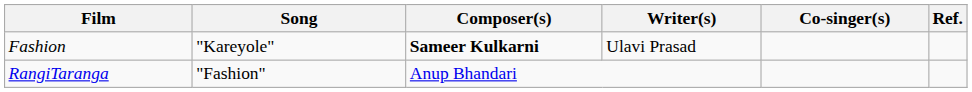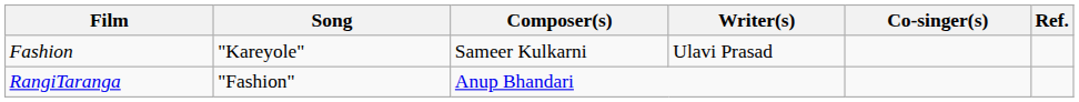 <table class="wikitable plainrowheaders" width="100%" textcolor:#000;">
 <tr>
 <th scope="col" width=20%><strong>Film</strong></th>
 <th scope="col" width=23%><strong>Song</strong></th>
 <th scope="col" width=21%><strong>Composer(s)</strong></th>
 <th scope="col" width=17%><strong>Writer(s)</strong></th>
 <th scope="col" width=18%><strong>Co-singer(s)</strong></th>
 <th scope="col" width=1%><strong>Ref.</strong></th>
 </tr>
 <tr>
 <td><em>Fashion</em></td>
 <td>"Kareyole"</td>
-<td><strong>Sameer Kulkarni</strong></td>
+<td>Sameer Kulkarni</td>
 <td>Ulavi Prasad</td>
 <td></td>
 <td></td>
 </tr>
 <tr>
 <td><em><a href='#'>RangiTaranga</a></em></td>
 <td>"Fashion"</td>
 <td colspan="2"><a href='#'>Anup Bhandari</a></td>
 <td></td>
 <td></td>
 </tr>
 </table>
